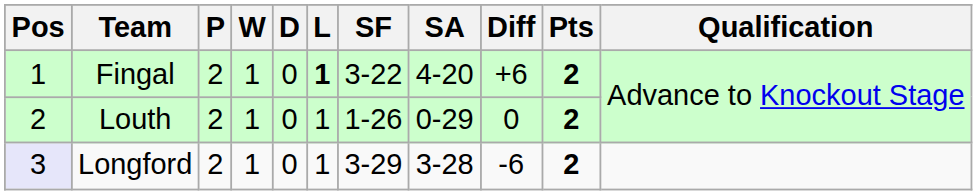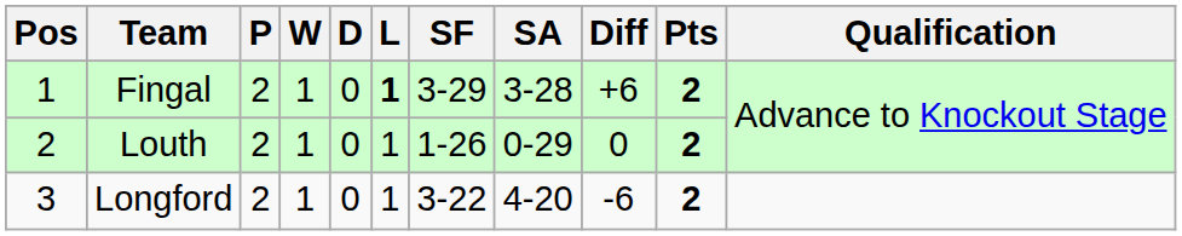 <table class="wikitable">
 <tr>
 <th>Pos</th>
 <th>Team</th>
 <th>P</th>
 <th>W</th>
 <th>D</th>
 <th>L</th>
 <th>SF</th>
 <th>SA</th>
 <th>Diff</th>
 <th>Pts</th>
 <th>Qualification</th>
 </tr>
 <tr align="center" style="background:#CCFFCC;">
 <td>1</td>
 <td>Fingal</td>
 <td>2</td>
 <td>1</td>
 <td>0</td>
 <td><strong>1</strong></td>
-<td>3-22</td>
-<td>4-20</td>
+<td>3-29</td>
+<td>3-28</td>
 <td>+6</td>
 <td><strong>2</strong></td>
 <td rowspan="2">Advance to <a href='#'>Knockout Stage</a></td>
 </tr>
 <tr align="center" style="background:#CCFFCC;">
 <td>2</td>
 <td>Louth</td>
 <td>2</td>
 <td>1</td>
 <td>0</td>
 <td>1</td>
 <td>1-26</td>
 <td>0-29</td>
 <td>0</td>
 <td><strong>2</strong></td>
 </tr>
 <tr align="center">
-<td style="background: lavender;">3</td>
+<td>3</td>
 <td>Longford</td>
 <td>2</td>
 <td>1</td>
 <td>0</td>
 <td>1</td>
-<td>3-29</td>
-<td>3-28</td>
+<td>3-22</td>
+<td>4-20</td>
 <td>-6</td>
 <td><strong>2</strong></td>
 <td></td>
 </tr>
 </table>
